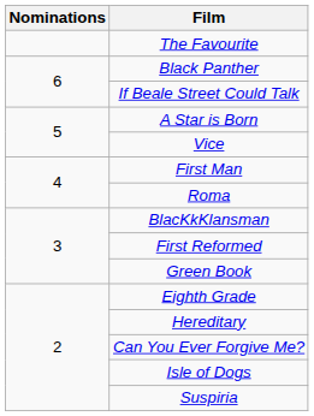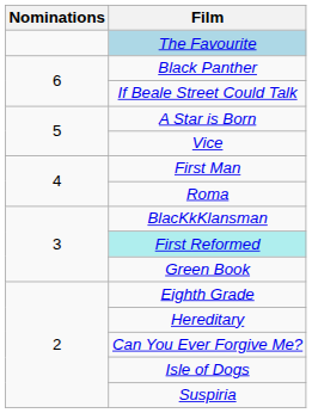 <table class="wikitable" style="text-align:center;">
 <tr>
 <th scope="col" width="55">Nominations</th>
 <th scope="col" align="center">Film</th>
 </tr>
 <tr>
 <td></td>
-<td><em><a href='#'>The Favourite</a></em></td>
+<td style="background: lightblue;"><em><a href='#'>The Favourite</a></em></td>
 </tr>
 <tr>
 <td rowspan=2 style="text-align:center">6</td>
 <td><em><a href='#'>Black Panther</a></em></td>
 </tr>
 <tr>
 <td><em><a href='#'>If Beale Street Could Talk</a></em></td>
 </tr>
 <tr>
 <td rowspan=2 style="text-align:center">5</td>
 <td><em><a href='#'>A Star is Born</a></em></td>
 </tr>
 <tr>
 <td><em><a href='#'>Vice</a></em></td>
 </tr>
 <tr>
 <td rowspan=2 style="text-align:center">4</td>
 <td><em><a href='#'>First Man</a></em></td>
 </tr>
 <tr>
 <td><em><a href='#'>Roma</a></em></td>
 </tr>
 <tr>
 <td rowspan=3 style="text-align:center">3</td>
 <td><em><a href='#'>BlacKkKlansman</a></em></td>
 </tr>
 <tr>
-<td><em><a href='#'>First Reformed</a></em></td>
+<td style="background: paleturquoise;"><em><a href='#'>First Reformed</a></em></td>
 </tr>
 <tr>
 <td><em><a href='#'>Green Book</a></em></td>
 </tr>
 <tr>
 <td rowspan=5 style="text-align:center">2</td>
 <td><em><a href='#'>Eighth Grade</a></em></td>
 </tr>
 <tr>
 <td><em><a href='#'>Hereditary</a></em></td>
 </tr>
 <tr>
 <td><em><a href='#'>Can You Ever Forgive Me?</a></em></td>
 </tr>
 <tr>
 <td><em><a href='#'>Isle of Dogs</a></em></td>
 </tr>
 <tr>
 <td><em><a href='#'>Suspiria</a></em></td>
 </tr>
 </table>
